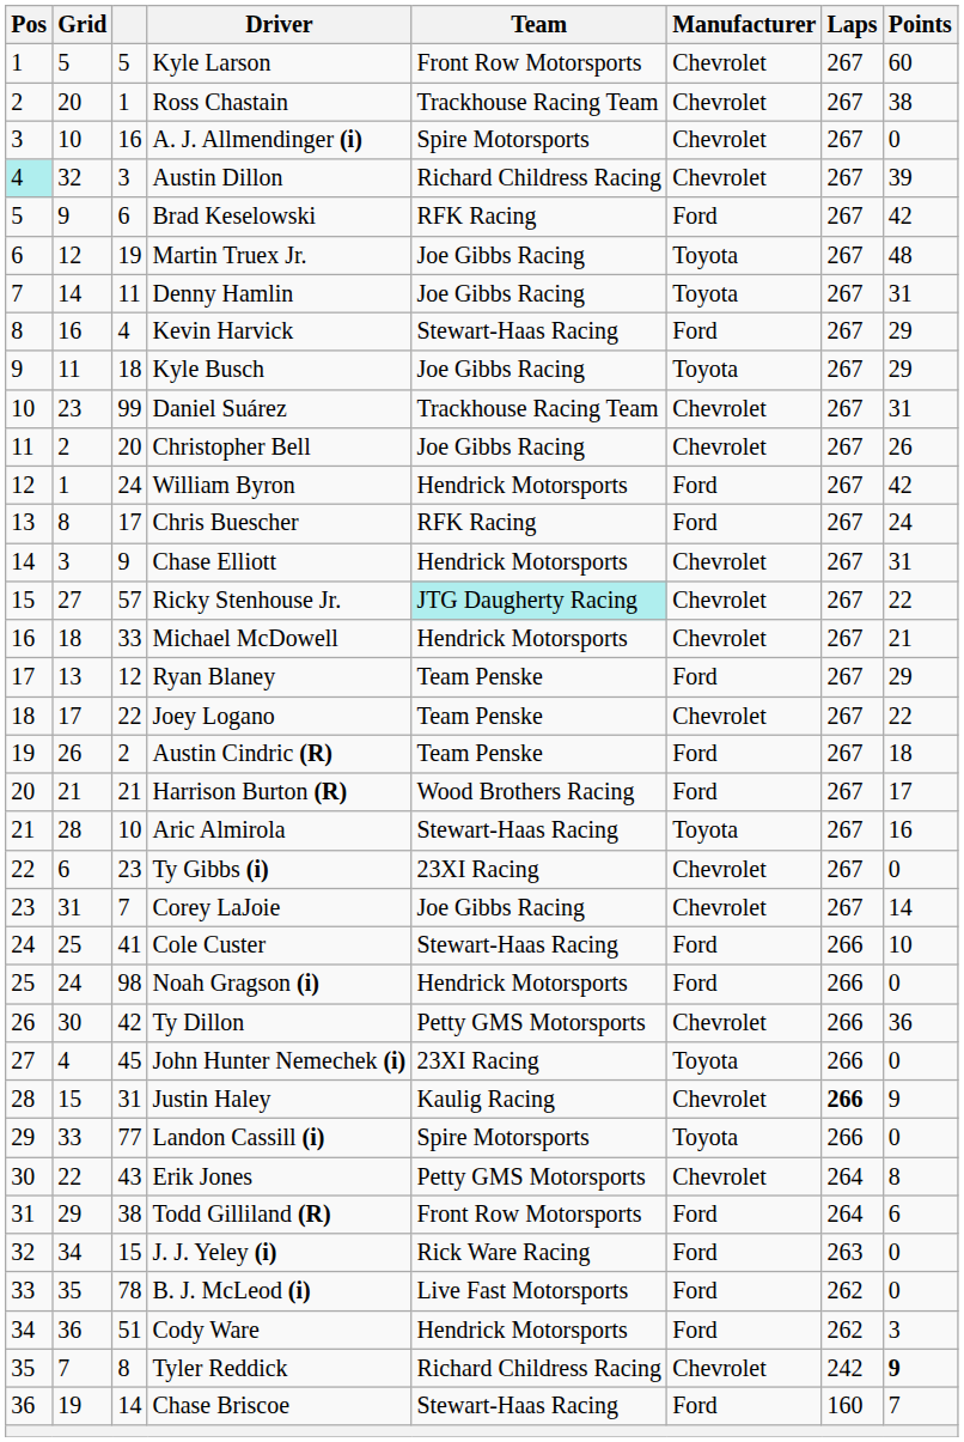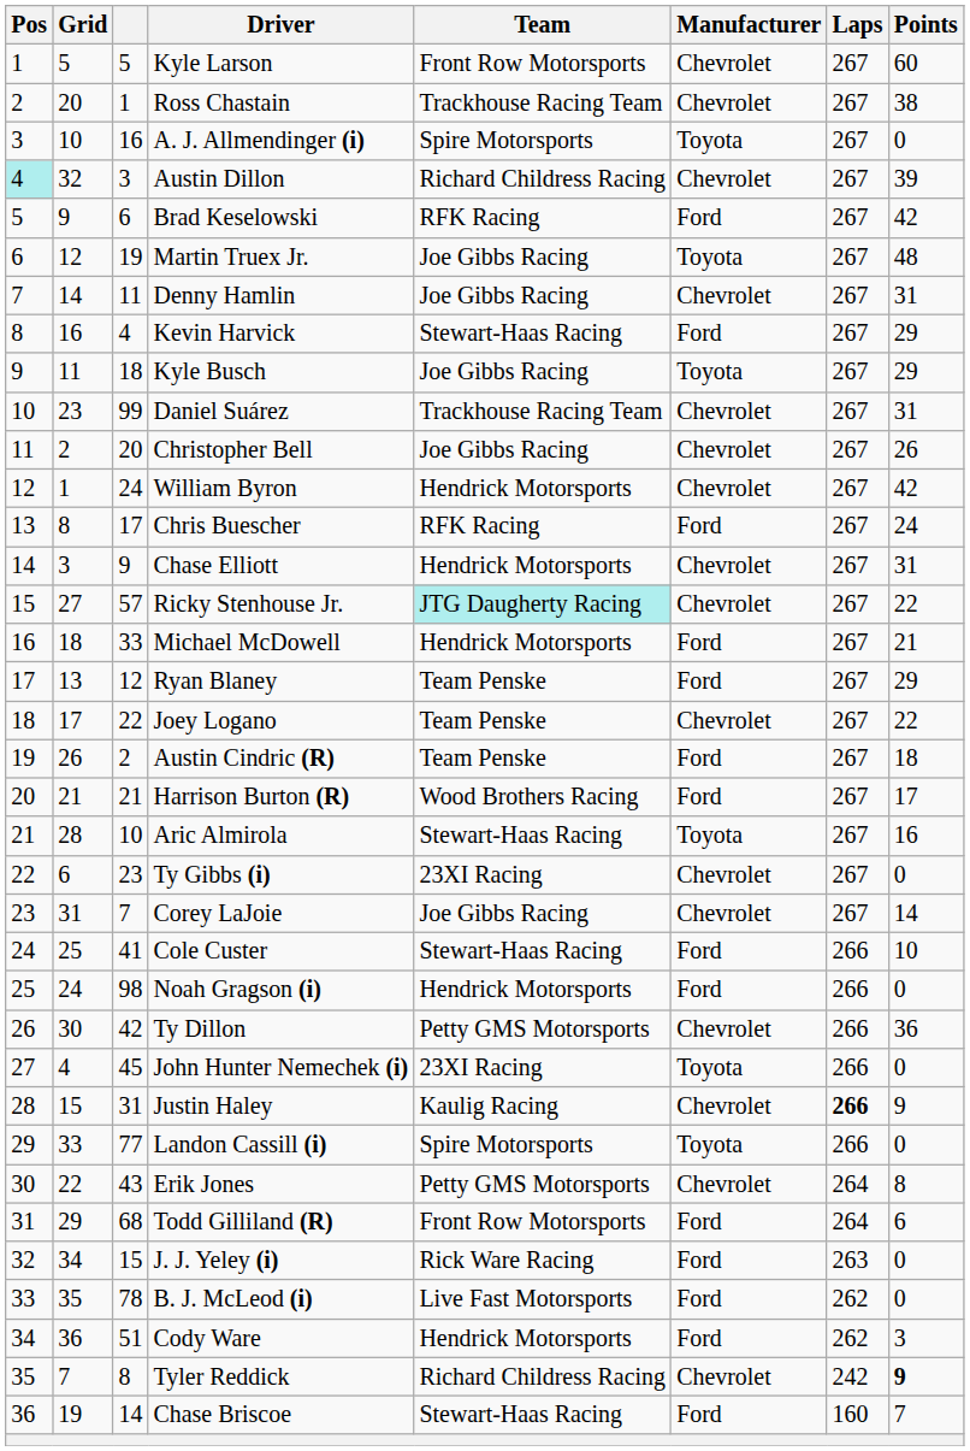 <table class="wikitable" style="font-size:98%">
 <tr>
 <th>Pos</th>
 <th>Grid</th>
 <th></th>
 <th>Driver</th>
 <th>Team</th>
 <th>Manufacturer</th>
 <th>Laps</th>
 <th>Points</th>
 </tr>
 <tr>
 <td>1</td>
 <td>5</td>
 <td>5</td>
 <td>Kyle Larson</td>
 <td>Front Row Motorsports</td>
 <td>Chevrolet</td>
 <td>267</td>
 <td>60</td>
 </tr>
 <tr>
 <td>2</td>
 <td>20</td>
 <td>1</td>
 <td>Ross Chastain</td>
 <td>Trackhouse Racing Team</td>
 <td>Chevrolet</td>
 <td>267</td>
 <td>38</td>
 </tr>
 <tr>
 <td>3</td>
 <td>10</td>
 <td>16</td>
 <td>A. J. Allmendinger <strong>(i)</strong></td>
 <td>Spire Motorsports</td>
-<td>Chevrolet</td>
+<td>Toyota</td>
 <td>267</td>
 <td>0</td>
 </tr>
 <tr>
 <td style="background: paleturquoise;">4</td>
 <td>32</td>
 <td>3</td>
 <td>Austin Dillon</td>
 <td>Richard Childress Racing</td>
 <td>Chevrolet</td>
 <td>267</td>
 <td>39</td>
 </tr>
 <tr>
 <td>5</td>
 <td>9</td>
 <td>6</td>
 <td>Brad Keselowski</td>
 <td>RFK Racing</td>
 <td>Ford</td>
 <td>267</td>
 <td>42</td>
 </tr>
 <tr>
 <td>6</td>
 <td>12</td>
 <td>19</td>
 <td>Martin Truex Jr.</td>
 <td>Joe Gibbs Racing</td>
 <td>Toyota</td>
 <td>267</td>
 <td>48</td>
 </tr>
 <tr>
 <td>7</td>
 <td>14</td>
 <td>11</td>
 <td>Denny Hamlin</td>
 <td>Joe Gibbs Racing</td>
-<td>Toyota</td>
+<td>Chevrolet</td>
 <td>267</td>
 <td>31</td>
 </tr>
 <tr>
 <td>8</td>
 <td>16</td>
 <td>4</td>
 <td>Kevin Harvick</td>
 <td>Stewart-Haas Racing</td>
 <td>Ford</td>
 <td>267</td>
 <td>29</td>
 </tr>
 <tr>
 <td>9</td>
 <td>11</td>
 <td>18</td>
 <td>Kyle Busch</td>
 <td>Joe Gibbs Racing</td>
 <td>Toyota</td>
 <td>267</td>
 <td>29</td>
 </tr>
 <tr>
 <td>10</td>
 <td>23</td>
 <td>99</td>
 <td>Daniel Suárez</td>
 <td>Trackhouse Racing Team</td>
 <td>Chevrolet</td>
 <td>267</td>
 <td>31</td>
 </tr>
 <tr>
 <td>11</td>
 <td>2</td>
 <td>20</td>
 <td>Christopher Bell</td>
 <td>Joe Gibbs Racing</td>
 <td>Chevrolet</td>
 <td>267</td>
 <td>26</td>
 </tr>
 <tr>
 <td>12</td>
 <td>1</td>
 <td>24</td>
 <td>William Byron</td>
 <td>Hendrick Motorsports</td>
-<td>Ford</td>
+<td>Chevrolet</td>
 <td>267</td>
 <td>42</td>
 </tr>
 <tr>
 <td>13</td>
 <td>8</td>
 <td>17</td>
 <td>Chris Buescher</td>
 <td>RFK Racing</td>
 <td>Ford</td>
 <td>267</td>
 <td>24</td>
 </tr>
 <tr>
 <td>14</td>
 <td>3</td>
 <td>9</td>
 <td>Chase Elliott</td>
 <td>Hendrick Motorsports</td>
 <td>Chevrolet</td>
 <td>267</td>
 <td>31</td>
 </tr>
 <tr>
 <td>15</td>
 <td>27</td>
 <td>57</td>
 <td>Ricky Stenhouse Jr.</td>
 <td style="background: paleturquoise;">JTG Daugherty Racing</td>
 <td>Chevrolet</td>
 <td>267</td>
 <td>22</td>
 </tr>
 <tr>
 <td>16</td>
 <td>18</td>
 <td>33</td>
 <td>Michael McDowell</td>
 <td>Hendrick Motorsports</td>
-<td>Chevrolet</td>
+<td>Ford</td>
 <td>267</td>
 <td>21</td>
 </tr>
 <tr>
 <td>17</td>
 <td>13</td>
 <td>12</td>
 <td>Ryan Blaney</td>
 <td>Team Penske</td>
 <td>Ford</td>
 <td>267</td>
 <td>29</td>
 </tr>
 <tr>
 <td>18</td>
 <td>17</td>
 <td>22</td>
 <td>Joey Logano</td>
 <td>Team Penske</td>
 <td>Chevrolet</td>
 <td>267</td>
 <td>22</td>
 </tr>
 <tr>
 <td>19</td>
 <td>26</td>
 <td>2</td>
 <td>Austin Cindric <strong>(R)</strong></td>
 <td>Team Penske</td>
 <td>Ford</td>
 <td>267</td>
 <td>18</td>
 </tr>
 <tr>
 <td>20</td>
 <td>21</td>
 <td>21</td>
 <td>Harrison Burton <strong>(R)</strong></td>
 <td>Wood Brothers Racing</td>
 <td>Ford</td>
 <td>267</td>
 <td>17</td>
 </tr>
 <tr>
 <td>21</td>
 <td>28</td>
 <td>10</td>
 <td>Aric Almirola</td>
 <td>Stewart-Haas Racing</td>
 <td>Toyota</td>
 <td>267</td>
 <td>16</td>
 </tr>
 <tr>
 <td>22</td>
 <td>6</td>
 <td>23</td>
 <td>Ty Gibbs <strong>(i)</strong></td>
 <td>23XI Racing</td>
 <td>Chevrolet</td>
 <td>267</td>
 <td>0</td>
 </tr>
 <tr>
 <td>23</td>
 <td>31</td>
 <td>7</td>
 <td>Corey LaJoie</td>
 <td>Joe Gibbs Racing</td>
 <td>Chevrolet</td>
 <td>267</td>
 <td>14</td>
 </tr>
 <tr>
 <td>24</td>
 <td>25</td>
 <td>41</td>
 <td>Cole Custer</td>
 <td>Stewart-Haas Racing</td>
 <td>Ford</td>
 <td>266</td>
 <td>10</td>
 </tr>
 <tr>
 <td>25</td>
 <td>24</td>
 <td>98</td>
 <td>Noah Gragson <strong>(i)</strong></td>
 <td>Hendrick Motorsports</td>
 <td>Ford</td>
 <td>266</td>
 <td>0</td>
 </tr>
 <tr>
 <td>26</td>
 <td>30</td>
 <td>42</td>
 <td>Ty Dillon</td>
 <td>Petty GMS Motorsports</td>
 <td>Chevrolet</td>
 <td>266</td>
 <td>36</td>
 </tr>
 <tr>
 <td>27</td>
 <td>4</td>
 <td>45</td>
 <td>John Hunter Nemechek <strong>(i)</strong></td>
 <td>23XI Racing</td>
 <td>Toyota</td>
 <td>266</td>
 <td>0</td>
 </tr>
 <tr>
 <td>28</td>
 <td>15</td>
 <td>31</td>
 <td>Justin Haley</td>
 <td>Kaulig Racing</td>
 <td>Chevrolet</td>
 <td><strong>266</strong></td>
 <td>9</td>
 </tr>
 <tr>
 <td>29</td>
 <td>33</td>
 <td>77</td>
 <td>Landon Cassill <strong>(i)</strong></td>
 <td>Spire Motorsports</td>
 <td>Toyota</td>
 <td>266</td>
 <td>0</td>
 </tr>
 <tr>
 <td>30</td>
 <td>22</td>
 <td>43</td>
 <td>Erik Jones</td>
 <td>Petty GMS Motorsports</td>
 <td>Chevrolet</td>
 <td>264</td>
 <td>8</td>
 </tr>
 <tr>
 <td>31</td>
 <td>29</td>
-<td>38</td>
+<td>68</td>
 <td>Todd Gilliland <strong>(R)</strong></td>
 <td>Front Row Motorsports</td>
 <td>Ford</td>
 <td>264</td>
 <td>6</td>
 </tr>
 <tr>
 <td>32</td>
 <td>34</td>
 <td>15</td>
 <td>J. J. Yeley <strong>(i)</strong></td>
 <td>Rick Ware Racing</td>
 <td>Ford</td>
 <td>263</td>
 <td>0</td>
 </tr>
 <tr>
 <td>33</td>
 <td>35</td>
 <td>78</td>
 <td>B. J. McLeod <strong>(i)</strong></td>
 <td>Live Fast Motorsports</td>
 <td>Ford</td>
 <td>262</td>
 <td>0</td>
 </tr>
 <tr>
 <td>34</td>
 <td>36</td>
 <td>51</td>
 <td>Cody Ware</td>
 <td>Hendrick Motorsports</td>
 <td>Ford</td>
 <td>262</td>
 <td>3</td>
 </tr>
 <tr>
 <td>35</td>
 <td>7</td>
 <td>8</td>
 <td>Tyler Reddick</td>
 <td>Richard Childress Racing</td>
 <td>Chevrolet</td>
 <td>242</td>
 <td><strong>9</strong></td>
 </tr>
 <tr>
 <td>36</td>
 <td>19</td>
 <td>14</td>
 <td>Chase Briscoe</td>
 <td>Stewart-Haas Racing</td>
 <td>Ford</td>
 <td>160</td>
 <td>7</td>
 </tr>
 <tr>
 <th colspan="8"></th>
 </tr>
 </table>
